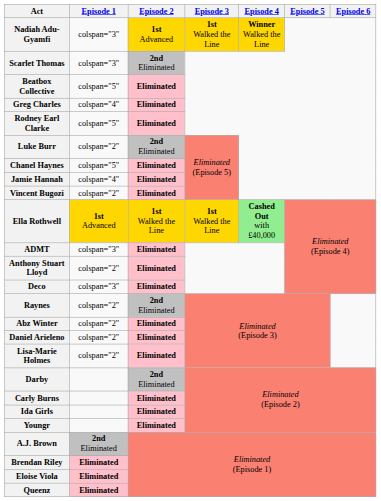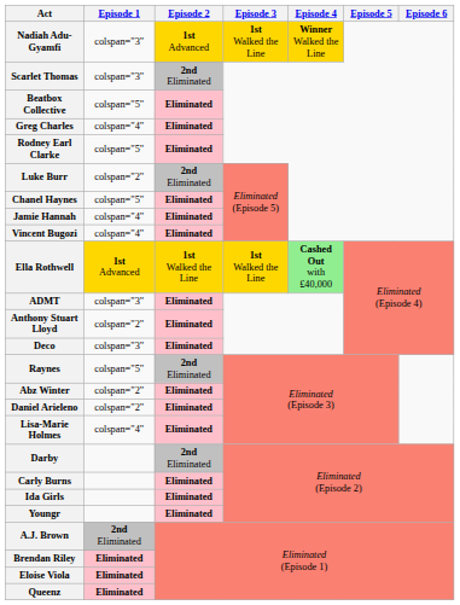 <table class="wikitable" style="text-align:center; font-size:85%">
 <tr>
 <th style="width:12%" scope="col">Act</th>
 <th style="width:8%" scope="col"><a href='#'>Episode 1</a></th>
 <th style="width:8%" scope="col"><a href='#'>Episode 2</a></th>
 <th style="width:8%" scope="col"><a href='#'>Episode 3</a></th>
 <th style="width:8%" scope="col"><a href='#'>Episode 4</a></th>
 <th style="width:8%" scope="col"><a href='#'>Episode 5</a></th>
 <th style="width:8%" scope="col"><a href='#'>Episode 6</a></th>
 </tr>
 <tr>
 <th scope="row">Nadiah Adu-Gyamfi</th>
 <td>colspan="3" </td>
 <td style="background:gold;"><strong>1st</strong><br>Advanced</td>
 <td style="background:gold;"><strong>1st</strong><br>Walked the Line</td>
 <td style="background:gold;"><strong>Winner</strong><br>Walked the Line</td>
 </tr>
 <tr>
 <th scope="row">Scarlet Thomas</th>
 <td>colspan="3" </td>
 <td style="background:silver;"><strong>2nd</strong><br>Eliminated</td>
 </tr>
 <tr>
 <th scope="row">Beatbox Collective</th>
 <td>colspan="5" </td>
 <td style="background:pink;"><strong>Eliminated</strong></td>
 </tr>
 <tr>
 <th scope="row">Greg Charles</th>
 <td>colspan="4" </td>
 <td style="background:pink;"><strong>Eliminated</strong></td>
 </tr>
 <tr>
 <th scope="row">Rodney Earl Clarke</th>
 <td>colspan="5" </td>
 <td style="background:pink;"><strong>Eliminated</strong></td>
 </tr>
 <tr>
 <th scope="row">Luke Burr</th>
 <td>colspan="2" </td>
 <td style="background:silver;"><strong>2nd</strong><br>Eliminated</td>
 <td rowspan="4" style="background:salmon;"><em>Eliminated</em><br>(Episode 5)</td>
 </tr>
 <tr>
 <th scope="row">Chanel Haynes</th>
 <td>colspan="5" </td>
 <td style="background:pink;"><strong>Eliminated</strong></td>
 </tr>
 <tr>
 <th scope="row">Jamie Hannah</th>
 <td>colspan="4" </td>
 <td style="background:pink;"><strong>Eliminated</strong></td>
 </tr>
 <tr>
 <th scope="row">Vincent Bugozi</th>
-<td>colspan="2" </td>
+<td>colspan="4" </td>
 <td style="background:pink;"><strong>Eliminated</strong></td>
 </tr>
 <tr>
 <th scope="row">Ella Rothwell</th>
 <td style="background:gold;"><strong>1st</strong><br>Advanced</td>
 <td style="background:gold;"><strong>1st</strong><br>Walked the Line</td>
 <td style="background:gold;"><strong>1st</strong><br>Walked the Line</td>
 <td style="background:lightgreen;"><strong>Cashed Out</strong><br>with £40,000</td>
 <td rowspan="4" colspan="2" style="background:salmon;"><em>Eliminated</em><br>(Episode 4)</td>
 </tr>
 <tr>
 <th scope="row">ADMT</th>
 <td>colspan="3" </td>
 <td style="background:pink;"><strong>Eliminated</strong></td>
 </tr>
 <tr>
 <th scope="row">Anthony Stuart Lloyd</th>
 <td>colspan="2" </td>
 <td style="background:pink;"><strong>Eliminated</strong></td>
 </tr>
 <tr>
 <th scope="row">Deco</th>
 <td>colspan="3" </td>
 <td style="background:pink;"><strong>Eliminated</strong></td>
 </tr>
 <tr>
 <th scope="row">Raynes</th>
-<td>colspan="2" </td>
+<td>colspan="5" </td>
 <td style="background:silver;"><strong>2nd</strong><br>Eliminated</td>
 <td rowspan="4" colspan="3" style="background:salmon;"><em>Eliminated</em><br>(Episode 3)</td>
 </tr>
 <tr>
 <th scope="row">Abz Winter</th>
 <td>colspan="2" </td>
 <td style="background:pink;"><strong>Eliminated</strong></td>
 </tr>
 <tr>
 <th scope="row">Daniel Arieleno</th>
 <td>colspan="2" </td>
 <td style="background:pink;"><strong>Eliminated</strong></td>
 </tr>
 <tr>
 <th scope="row">Lisa-Marie Holmes</th>
-<td>colspan="2" </td>
+<td>colspan="4" </td>
 <td style="background:pink;"><strong>Eliminated</strong></td>
 </tr>
 <tr>
 <th scope="row">Darby</th>
 <td></td>
 <td style="background:silver;"><strong>2nd</strong><br>Eliminated</td>
 <td rowspan="4" colspan="4" style="background:salmon;"><em>Eliminated</em><br>(Episode 2)</td>
 </tr>
 <tr>
 <th scope="row">Carly Burns</th>
 <td></td>
 <td style="background:pink;"><strong>Eliminated</strong></td>
 </tr>
 <tr>
 <th scope="row">Ida Girls</th>
 <td></td>
 <td style="background:pink;"><strong>Eliminated</strong></td>
 </tr>
 <tr>
 <th scope="row">Youngr</th>
 <td></td>
 <td style="background:pink;"><strong>Eliminated</strong></td>
 </tr>
 <tr>
 <th scope="row">A.J. Brown</th>
 <td style="background:silver;"><strong>2nd</strong><br>Eliminated</td>
 <td rowspan="4" colspan="5" style="background:salmon;"><em>Eliminated</em><br>(Episode 1)</td>
 </tr>
 <tr>
 <th scope="row">Brendan Riley</th>
 <td style="background:pink;"><strong>Eliminated</strong></td>
 </tr>
 <tr>
 <th scope="row">Eloise Viola</th>
 <td style="background:pink;"><strong>Eliminated</strong></td>
 </tr>
 <tr>
 <th scope="row">Queenz</th>
 <td style="background:pink;"><strong>Eliminated</strong></td>
 </tr>
 </table>
